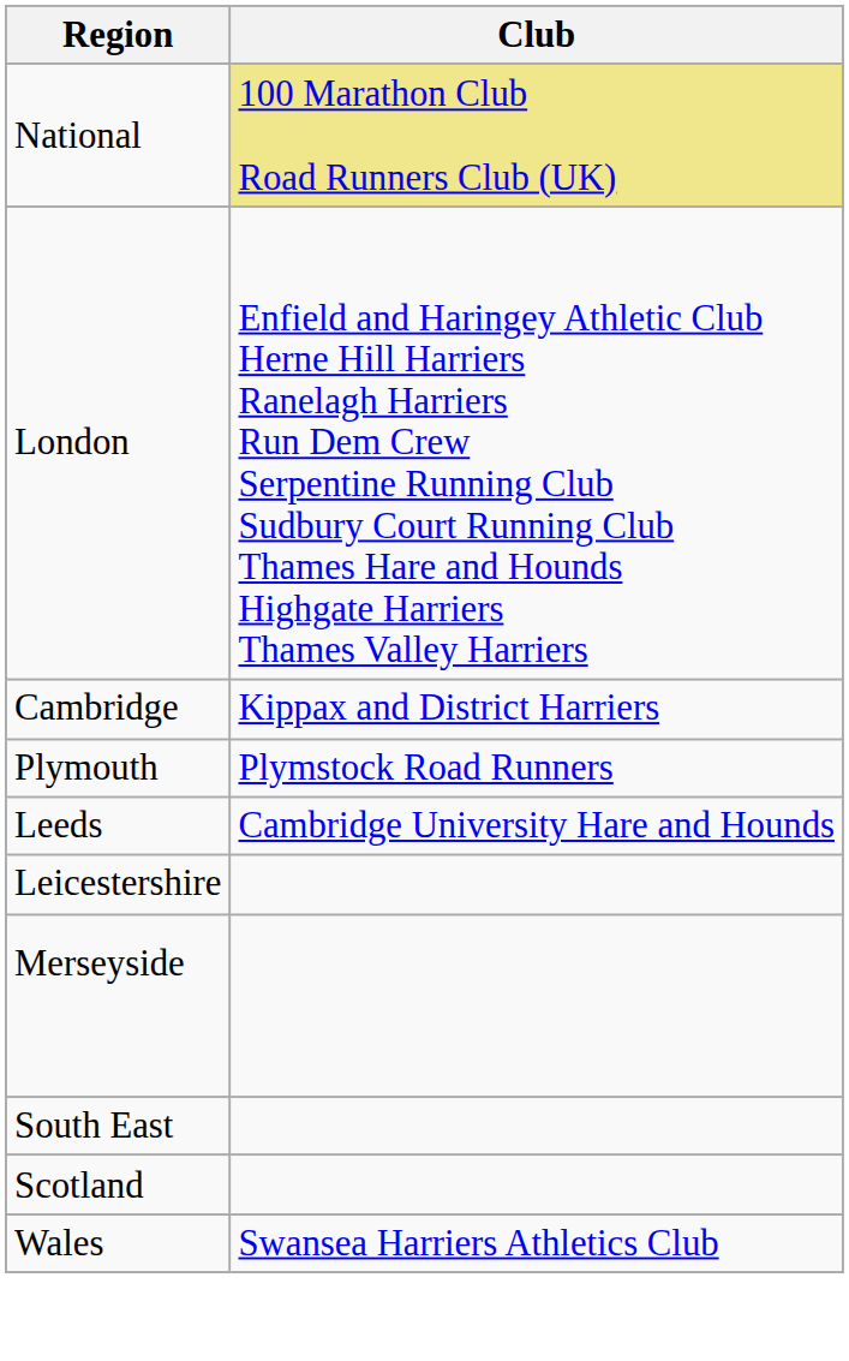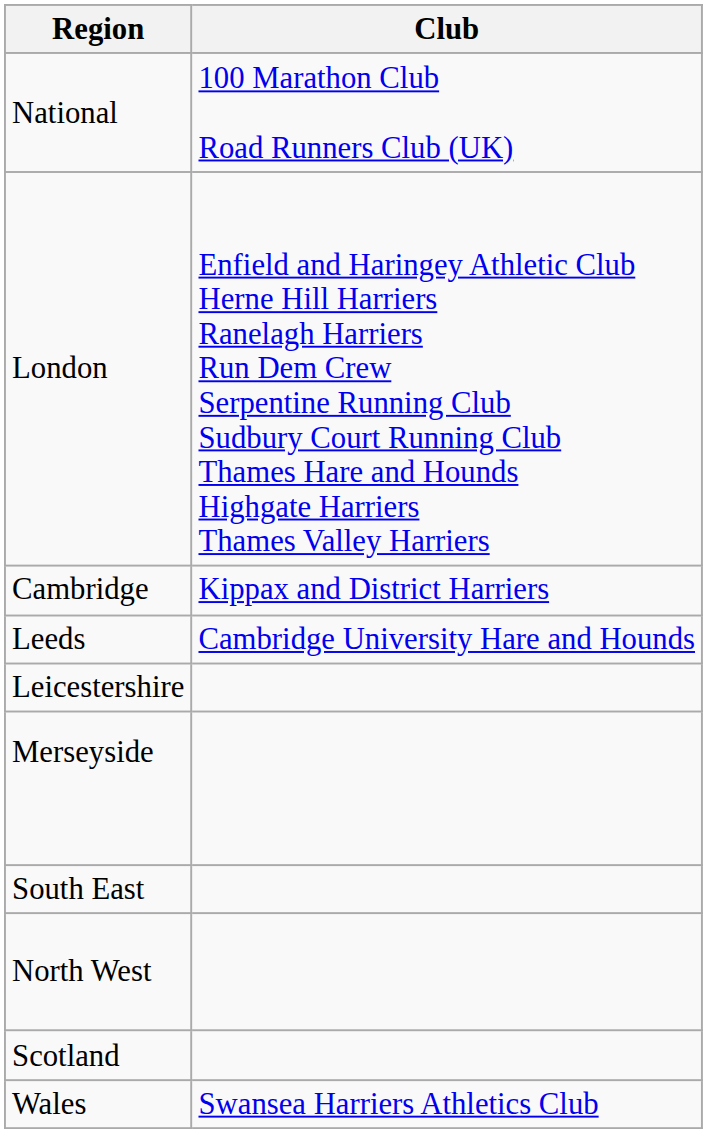 <table class="wikitable style=" textalign:center;"}>
 <tr>
 <th>Region</th>
 <th>Club</th>
 </tr>
 <tr>
 <td>National</td>
-<td style="background: khaki;"><a href='#'>100 Marathon Club</a><br><br><a href='#'>Road Runners Club (UK)</a></td>
+<td><a href='#'>100 Marathon Club</a><br><br><a href='#'>Road Runners Club (UK)</a></td>
 </tr>
 <tr>
 <td>London</td>
 <td><br><br><a href='#'>Enfield and Haringey Athletic Club</a><br> <a href='#'>Herne Hill Harriers</a><br> <a href='#'>Ranelagh Harriers</a><br> <a href='#'>Run Dem Crew</a><br> <a href='#'>Serpentine Running Club</a><br> <a href='#'>Sudbury Court Running Club</a><br> <a href='#'>Thames Hare and Hounds</a><br> <a href='#'>Highgate Harriers</a><br> <a href='#'>Thames Valley Harriers</a><br> </td>
 </tr>
 <tr>
 <td>Cambridge</td>
 <td><a href='#'>Kippax and District Harriers</a></td>
-</tr>
-<tr>
-<td>Plymouth</td>
-<td><a href='#'>Plymstock Road Runners</a></td>
 </tr>
 <tr>
 <td>Leeds</td>
 <td><a href='#'>Cambridge University Hare and Hounds</a></td>
 </tr>
 <tr>
 <td>Leicestershire</td>
 <td></td>
 </tr>
 <tr>
 <td>Merseyside<br><br> <br></td>
 <td><br><br><br> <br> </td>
 </tr>
 <tr>
 <td>South East</td>
 <td></td>
 </tr>
 <tr>
+<td>North West</td>
+<td><br><br><br> </td>
+</tr>
+<tr>
 <td>Scotland</td>
 <td></td>
 </tr>
 <tr>
 <td>Wales</td>
 <td><a href='#'>Swansea Harriers Athletics Club</a></td>
 </tr>
 </table>
